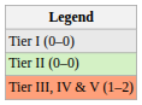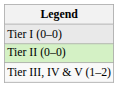 <table class=wikitable style="font-size:90%">
 <tr>
 <th>Legend</th>
 </tr>
 <tr>
 <td style="background:#e9e9e9;">Tier I (0–0)</td>
 </tr>
 <tr>
 <td style="background:#d4f1c5;">Tier II (0–0)</td>
 </tr>
 <tr>
-<td style="background: lightsalmon;">Tier III, IV & V (1–2)</td>
+<td>Tier III, IV & V (1–2)</td>
 </tr>
 </table>
